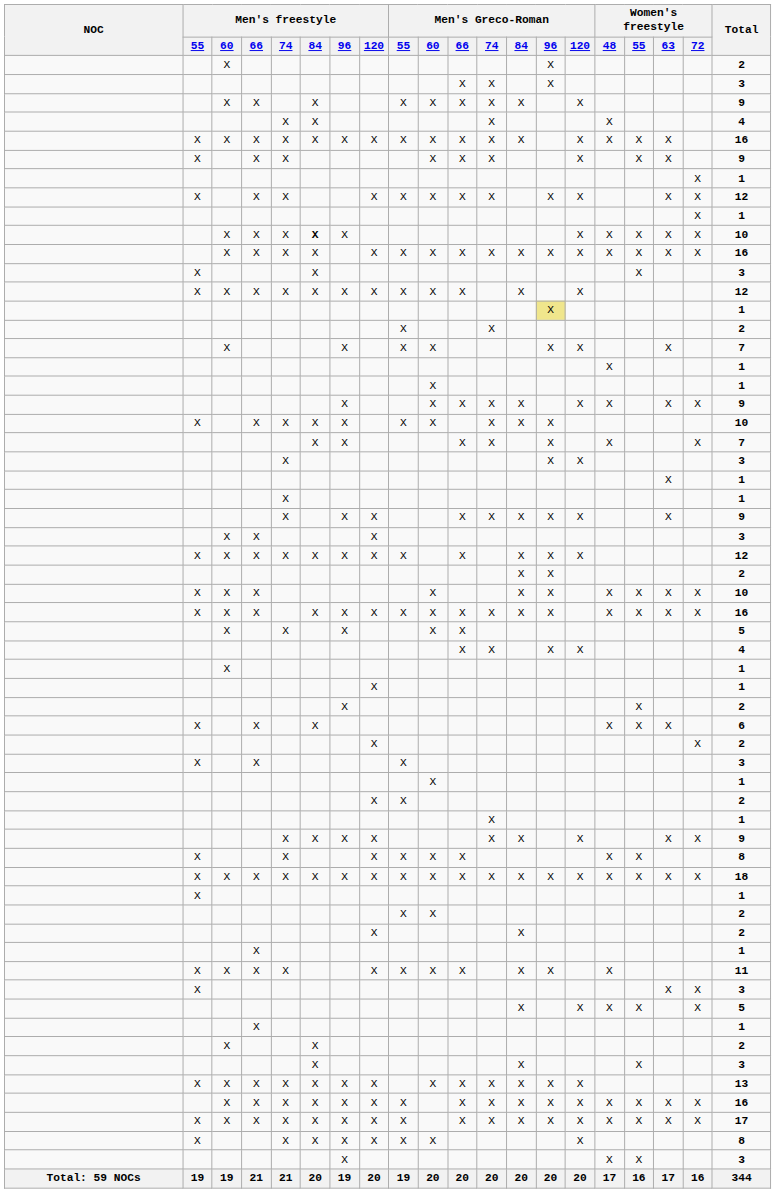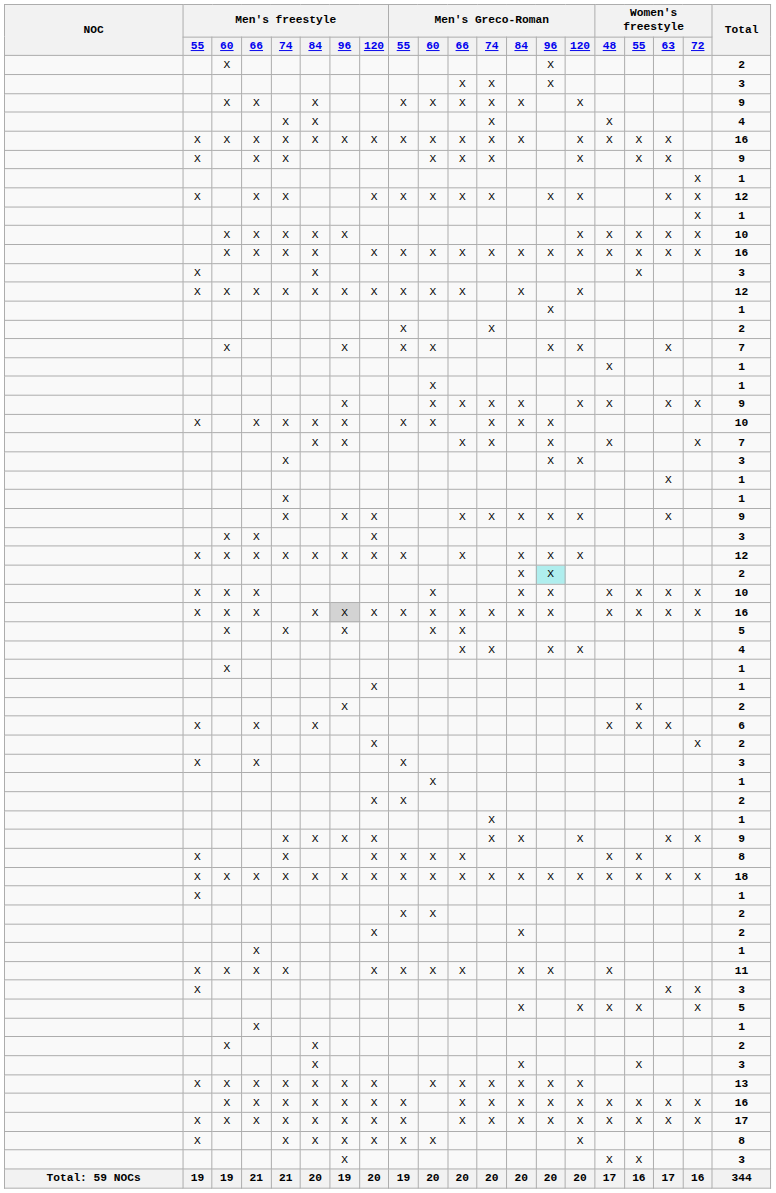 <table class="wikitable" style="text-align:center; font-size:90%">
 <tr>
 <th rowspan="2" width=180 align="left">NOC</th>
 <th colspan="7">Men's freestyle</th>
 <th colspan="7">Men's Greco-Roman</th>
 <th colspan=4>Women's freestyle</th>
 <th ! width=55 rowspan="2">Total</th>
 </tr>
 <tr>
 <th width=25><a href='#'>55</a></th>
 <th width=25><a href='#'>60</a></th>
 <th width=25><a href='#'>66</a></th>
 <th width=25><a href='#'>74</a></th>
 <th width=25><a href='#'>84</a></th>
 <th width=25><a href='#'>96</a></th>
 <th width=25><a href='#'>120</a></th>
 <th width=25><a href='#'>55</a></th>
 <th width=25><a href='#'>60</a></th>
 <th width=25><a href='#'>66</a></th>
 <th width=25><a href='#'>74</a></th>
 <th width=25><a href='#'>84</a></th>
 <th width=25><a href='#'>96</a></th>
 <th width=25><a href='#'>120</a></th>
 <th width=25><a href='#'>48</a></th>
 <th width=25><a href='#'>55</a></th>
 <th width=25><a href='#'>63</a></th>
 <th width=25><a href='#'>72</a></th>
 </tr>
 <tr>
 <td align=left></td>
 <td></td>
 <td>X</td>
 <td></td>
 <td></td>
 <td></td>
 <td></td>
 <td></td>
 <td></td>
 <td></td>
 <td></td>
 <td></td>
 <td></td>
 <td>X</td>
 <td></td>
 <td></td>
 <td></td>
 <td></td>
 <td></td>
 <td><strong>2</strong></td>
 </tr>
 <tr>
 <td align=left></td>
 <td></td>
 <td></td>
 <td></td>
 <td></td>
 <td></td>
 <td></td>
 <td></td>
 <td></td>
 <td></td>
 <td>X</td>
 <td>X</td>
 <td></td>
 <td>X</td>
 <td></td>
 <td></td>
 <td></td>
 <td></td>
 <td></td>
 <td><strong>3</strong></td>
 </tr>
 <tr>
 <td align=left></td>
 <td></td>
 <td>X</td>
 <td>X</td>
 <td></td>
 <td>X</td>
 <td></td>
 <td></td>
 <td>X</td>
 <td>X</td>
 <td>X</td>
 <td>X</td>
 <td>X</td>
 <td></td>
 <td>X</td>
 <td></td>
 <td></td>
 <td></td>
 <td></td>
 <td><strong>9</strong></td>
 </tr>
 <tr>
 <td align=left></td>
 <td></td>
 <td></td>
 <td></td>
 <td>X</td>
 <td>X</td>
 <td></td>
 <td></td>
 <td></td>
 <td></td>
 <td></td>
 <td>X</td>
 <td></td>
 <td></td>
 <td></td>
 <td>X</td>
 <td></td>
 <td></td>
 <td></td>
 <td><strong>4</strong></td>
 </tr>
 <tr>
 <td align=left></td>
 <td>X</td>
 <td>X</td>
 <td>X</td>
 <td>X</td>
 <td>X</td>
 <td>X</td>
 <td>X</td>
 <td>X</td>
 <td>X</td>
 <td>X</td>
 <td>X</td>
 <td>X</td>
 <td></td>
 <td>X</td>
 <td>X</td>
 <td>X</td>
 <td>X</td>
 <td></td>
 <td><strong>16</strong></td>
 </tr>
 <tr>
 <td align=left></td>
 <td>X</td>
 <td></td>
 <td>X</td>
 <td>X</td>
 <td></td>
 <td></td>
 <td></td>
 <td></td>
 <td>X</td>
 <td>X</td>
 <td>X</td>
 <td></td>
 <td></td>
 <td>X</td>
 <td></td>
 <td>X</td>
 <td>X</td>
 <td></td>
 <td><strong>9</strong></td>
 </tr>
 <tr>
 <td align=left></td>
 <td></td>
 <td></td>
 <td></td>
 <td></td>
 <td></td>
 <td></td>
 <td></td>
 <td></td>
 <td></td>
 <td></td>
 <td></td>
 <td></td>
 <td></td>
 <td></td>
 <td></td>
 <td></td>
 <td></td>
 <td>X</td>
 <td><strong>1</strong></td>
 </tr>
 <tr>
 <td align=left></td>
 <td>X</td>
 <td></td>
 <td>X</td>
 <td>X</td>
 <td></td>
 <td></td>
 <td>X</td>
 <td>X</td>
 <td>X</td>
 <td>X</td>
 <td>X</td>
 <td></td>
 <td>X</td>
 <td>X</td>
 <td></td>
 <td></td>
 <td>X</td>
 <td>X</td>
 <td><strong>12</strong></td>
 </tr>
 <tr>
 <td align=left></td>
 <td></td>
 <td></td>
 <td></td>
 <td></td>
 <td></td>
 <td></td>
 <td></td>
 <td></td>
 <td></td>
 <td></td>
 <td></td>
 <td></td>
 <td></td>
 <td></td>
 <td></td>
 <td></td>
 <td></td>
 <td>X</td>
 <td><strong>1</strong></td>
 </tr>
 <tr>
 <td align=left></td>
 <td></td>
 <td>X</td>
 <td>X</td>
 <td>X</td>
-<td><strong>X</strong></td>
+<td>X</td>
 <td>X</td>
 <td></td>
 <td></td>
 <td></td>
 <td></td>
 <td></td>
 <td></td>
 <td></td>
 <td>X</td>
 <td>X</td>
 <td>X</td>
 <td>X</td>
 <td>X</td>
 <td><strong>10</strong></td>
 </tr>
 <tr>
 <td align=left></td>
 <td></td>
 <td>X</td>
 <td>X</td>
 <td>X</td>
 <td>X</td>
 <td></td>
 <td>X</td>
 <td>X</td>
 <td>X</td>
 <td>X</td>
 <td>X</td>
 <td>X</td>
 <td>X</td>
 <td>X</td>
 <td>X</td>
 <td>X</td>
 <td>X</td>
 <td>X</td>
 <td><strong>16</strong></td>
 </tr>
 <tr>
 <td align=left></td>
 <td>X</td>
 <td></td>
 <td></td>
 <td></td>
 <td>X</td>
 <td></td>
 <td></td>
 <td></td>
 <td></td>
 <td></td>
 <td></td>
 <td></td>
 <td></td>
 <td></td>
 <td></td>
 <td>X</td>
 <td></td>
 <td></td>
 <td><strong>3</strong></td>
 </tr>
 <tr>
 <td align=left></td>
 <td>X</td>
 <td>X</td>
 <td>X</td>
 <td>X</td>
 <td>X</td>
 <td>X</td>
 <td>X</td>
 <td>X</td>
 <td>X</td>
 <td>X</td>
 <td></td>
 <td>X</td>
 <td></td>
 <td>X</td>
 <td></td>
 <td></td>
 <td></td>
 <td></td>
 <td><strong>12</strong></td>
 </tr>
 <tr>
 <td align=left></td>
 <td></td>
 <td></td>
 <td></td>
 <td></td>
 <td></td>
 <td></td>
 <td></td>
 <td></td>
 <td></td>
 <td></td>
 <td></td>
 <td></td>
-<td style="background: khaki;">X</td>
+<td>X</td>
 <td></td>
 <td></td>
 <td></td>
 <td></td>
 <td></td>
 <td><strong>1</strong></td>
 </tr>
 <tr>
 <td align=left></td>
 <td></td>
 <td></td>
 <td></td>
 <td></td>
 <td></td>
 <td></td>
 <td></td>
 <td>X</td>
 <td></td>
 <td></td>
 <td>X</td>
 <td></td>
 <td></td>
 <td></td>
 <td></td>
 <td></td>
 <td></td>
 <td></td>
 <td><strong>2</strong></td>
 </tr>
 <tr>
 <td align=left></td>
 <td></td>
 <td>X</td>
 <td></td>
 <td></td>
 <td></td>
 <td>X</td>
 <td></td>
 <td>X</td>
 <td>X</td>
 <td></td>
 <td></td>
 <td></td>
 <td>X</td>
 <td>X</td>
 <td></td>
 <td></td>
 <td>X</td>
 <td></td>
 <td><strong>7</strong></td>
 </tr>
 <tr>
 <td align=left></td>
 <td></td>
 <td></td>
 <td></td>
 <td></td>
 <td></td>
 <td></td>
 <td></td>
 <td></td>
 <td></td>
 <td></td>
 <td></td>
 <td></td>
 <td></td>
 <td></td>
 <td>X</td>
 <td></td>
 <td></td>
 <td></td>
 <td><strong>1</strong></td>
 </tr>
 <tr>
 <td align=left></td>
 <td></td>
 <td></td>
 <td></td>
 <td></td>
 <td></td>
 <td></td>
 <td></td>
 <td></td>
 <td>X</td>
 <td></td>
 <td></td>
 <td></td>
 <td></td>
 <td></td>
 <td></td>
 <td></td>
 <td></td>
 <td></td>
 <td><strong>1</strong></td>
 </tr>
 <tr>
 <td align=left></td>
 <td></td>
 <td></td>
 <td></td>
 <td></td>
 <td></td>
 <td>X</td>
 <td></td>
 <td></td>
 <td>X</td>
 <td>X</td>
 <td>X</td>
 <td>X</td>
 <td></td>
 <td>X</td>
 <td>X</td>
 <td></td>
 <td>X</td>
 <td>X</td>
 <td><strong>9</strong></td>
 </tr>
 <tr>
 <td align=left></td>
 <td>X</td>
 <td></td>
 <td>X</td>
 <td>X</td>
 <td>X</td>
 <td>X</td>
 <td></td>
 <td>X</td>
 <td>X</td>
 <td></td>
 <td>X</td>
 <td>X</td>
 <td>X</td>
 <td></td>
 <td></td>
 <td></td>
 <td></td>
 <td></td>
 <td><strong>10</strong></td>
 </tr>
 <tr>
 <td align=left></td>
 <td></td>
 <td></td>
 <td></td>
 <td></td>
 <td>X</td>
 <td>X</td>
 <td></td>
 <td></td>
 <td></td>
 <td>X</td>
 <td>X</td>
 <td></td>
 <td>X</td>
 <td></td>
 <td>X</td>
 <td></td>
 <td></td>
 <td>X</td>
 <td><strong>7</strong></td>
 </tr>
 <tr>
 <td align=left></td>
 <td></td>
 <td></td>
 <td></td>
 <td>X</td>
 <td></td>
 <td></td>
 <td></td>
 <td></td>
 <td></td>
 <td></td>
 <td></td>
 <td></td>
 <td>X</td>
 <td>X</td>
 <td></td>
 <td></td>
 <td></td>
 <td></td>
 <td><strong>3</strong></td>
 </tr>
 <tr>
 <td align=left></td>
 <td></td>
 <td></td>
 <td></td>
 <td></td>
 <td></td>
 <td></td>
 <td></td>
 <td></td>
 <td></td>
 <td></td>
 <td></td>
 <td></td>
 <td></td>
 <td></td>
 <td></td>
 <td></td>
 <td>X</td>
 <td></td>
 <td><strong>1</strong></td>
 </tr>
 <tr>
 <td align=left></td>
 <td></td>
 <td></td>
 <td></td>
 <td>X</td>
 <td></td>
 <td></td>
 <td></td>
 <td></td>
 <td></td>
 <td></td>
 <td></td>
 <td></td>
 <td></td>
 <td></td>
 <td></td>
 <td></td>
 <td></td>
 <td></td>
 <td><strong>1</strong></td>
 </tr>
 <tr>
 <td align=left></td>
 <td></td>
 <td></td>
 <td></td>
 <td>X</td>
 <td></td>
 <td>X</td>
 <td>X</td>
 <td></td>
 <td></td>
 <td>X</td>
 <td>X</td>
 <td>X</td>
 <td>X</td>
 <td>X</td>
 <td></td>
 <td></td>
 <td>X</td>
 <td></td>
 <td><strong>9</strong></td>
 </tr>
 <tr>
 <td align=left></td>
 <td></td>
 <td>X</td>
 <td>X</td>
 <td></td>
 <td></td>
 <td></td>
 <td>X</td>
 <td></td>
 <td></td>
 <td></td>
 <td></td>
 <td></td>
 <td></td>
 <td></td>
 <td></td>
 <td></td>
 <td></td>
 <td></td>
 <td><strong>3</strong></td>
 </tr>
 <tr>
 <td align=left></td>
 <td>X</td>
 <td>X</td>
 <td>X</td>
 <td>X</td>
 <td>X</td>
 <td>X</td>
 <td>X</td>
 <td>X</td>
 <td></td>
 <td>X</td>
 <td></td>
 <td>X</td>
 <td>X</td>
 <td>X</td>
 <td></td>
 <td></td>
 <td></td>
 <td></td>
 <td><strong>12</strong></td>
 </tr>
 <tr>
 <td align=left></td>
 <td></td>
 <td></td>
 <td></td>
 <td></td>
 <td></td>
 <td></td>
 <td></td>
 <td></td>
 <td></td>
 <td></td>
 <td></td>
 <td>X</td>
-<td>X</td>
+<td style="background: paleturquoise;">X</td>
 <td></td>
 <td></td>
 <td></td>
 <td></td>
 <td></td>
 <td><strong>2</strong></td>
 </tr>
 <tr>
 <td align=left></td>
 <td>X</td>
 <td>X</td>
 <td>X</td>
 <td></td>
 <td></td>
 <td></td>
 <td></td>
 <td></td>
 <td>X</td>
 <td></td>
 <td></td>
 <td>X</td>
 <td>X</td>
 <td></td>
 <td>X</td>
 <td>X</td>
 <td>X</td>
 <td>X</td>
 <td><strong>10</strong></td>
 </tr>
 <tr>
 <td align=left></td>
 <td>X</td>
 <td>X</td>
 <td>X</td>
 <td></td>
 <td>X</td>
-<td>X</td>
+<td style="background: lightgrey;">X</td>
 <td>X</td>
 <td>X</td>
 <td>X</td>
 <td>X</td>
 <td>X</td>
 <td>X</td>
 <td>X</td>
 <td></td>
 <td>X</td>
 <td>X</td>
 <td>X</td>
 <td>X</td>
 <td><strong>16</strong></td>
 </tr>
 <tr>
 <td align=left></td>
 <td></td>
 <td>X</td>
 <td></td>
 <td>X</td>
 <td></td>
 <td>X</td>
 <td></td>
 <td></td>
 <td>X</td>
 <td>X</td>
 <td></td>
 <td></td>
 <td></td>
 <td></td>
 <td></td>
 <td></td>
 <td></td>
 <td></td>
 <td><strong>5</strong></td>
 </tr>
 <tr>
 <td align=left></td>
 <td></td>
 <td></td>
 <td></td>
 <td></td>
 <td></td>
 <td></td>
 <td></td>
 <td></td>
 <td></td>
 <td>X</td>
 <td>X</td>
 <td></td>
 <td>X</td>
 <td>X</td>
 <td></td>
 <td></td>
 <td></td>
 <td></td>
 <td><strong>4</strong></td>
 </tr>
 <tr>
 <td align=left></td>
 <td></td>
 <td>X</td>
 <td></td>
 <td></td>
 <td></td>
 <td></td>
 <td></td>
 <td></td>
 <td></td>
 <td></td>
 <td></td>
 <td></td>
 <td></td>
 <td></td>
 <td></td>
 <td></td>
 <td></td>
 <td></td>
 <td><strong>1</strong></td>
 </tr>
 <tr>
 <td align=left></td>
 <td></td>
 <td></td>
 <td></td>
 <td></td>
 <td></td>
 <td></td>
 <td>X</td>
 <td></td>
 <td></td>
 <td></td>
 <td></td>
 <td></td>
 <td></td>
 <td></td>
 <td></td>
 <td></td>
 <td></td>
 <td></td>
 <td><strong>1</strong></td>
 </tr>
 <tr>
 <td align=left></td>
 <td></td>
 <td></td>
 <td></td>
 <td></td>
 <td></td>
 <td>X</td>
 <td></td>
 <td></td>
 <td></td>
 <td></td>
 <td></td>
 <td></td>
 <td></td>
 <td></td>
 <td></td>
 <td>X</td>
 <td></td>
 <td></td>
 <td><strong>2</strong></td>
 </tr>
 <tr>
 <td align=left></td>
 <td>X</td>
 <td></td>
 <td>X</td>
 <td></td>
 <td>X</td>
 <td></td>
 <td></td>
 <td></td>
 <td></td>
 <td></td>
 <td></td>
 <td></td>
 <td></td>
 <td></td>
 <td>X</td>
 <td>X</td>
 <td>X</td>
 <td></td>
 <td><strong>6</strong></td>
 </tr>
 <tr>
 <td align=left></td>
 <td></td>
 <td></td>
 <td></td>
 <td></td>
 <td></td>
 <td></td>
 <td>X</td>
 <td></td>
 <td></td>
 <td></td>
 <td></td>
 <td></td>
 <td></td>
 <td></td>
 <td></td>
 <td></td>
 <td></td>
 <td>X</td>
 <td><strong>2</strong></td>
 </tr>
 <tr>
 <td align=left></td>
 <td>X</td>
 <td></td>
 <td>X</td>
 <td></td>
 <td></td>
 <td></td>
 <td></td>
 <td>X</td>
 <td></td>
 <td></td>
 <td></td>
 <td></td>
 <td></td>
 <td></td>
 <td></td>
 <td></td>
 <td></td>
 <td></td>
 <td><strong>3</strong></td>
 </tr>
 <tr>
 <td align=left></td>
 <td></td>
 <td></td>
 <td></td>
 <td></td>
 <td></td>
 <td></td>
 <td></td>
 <td></td>
 <td>X</td>
 <td></td>
 <td></td>
 <td></td>
 <td></td>
 <td></td>
 <td></td>
 <td></td>
 <td></td>
 <td></td>
 <td><strong>1</strong></td>
 </tr>
 <tr>
 <td align=left></td>
 <td></td>
 <td></td>
 <td></td>
 <td></td>
 <td></td>
 <td></td>
 <td>X</td>
 <td>X</td>
 <td></td>
 <td></td>
 <td></td>
 <td></td>
 <td></td>
 <td></td>
 <td></td>
 <td></td>
 <td></td>
 <td></td>
 <td><strong>2</strong></td>
 </tr>
 <tr>
 <td align=left></td>
 <td></td>
 <td></td>
 <td></td>
 <td></td>
 <td></td>
 <td></td>
 <td></td>
 <td></td>
 <td></td>
 <td></td>
 <td>X</td>
 <td></td>
 <td></td>
 <td></td>
 <td></td>
 <td></td>
 <td></td>
 <td></td>
 <td><strong>1</strong></td>
 </tr>
 <tr>
 <td align=left></td>
 <td></td>
 <td></td>
 <td></td>
 <td>X</td>
 <td>X</td>
 <td>X</td>
 <td>X</td>
 <td></td>
 <td></td>
 <td></td>
 <td>X</td>
 <td>X</td>
 <td></td>
 <td>X</td>
 <td></td>
 <td></td>
 <td>X</td>
 <td>X</td>
 <td><strong>9</strong></td>
 </tr>
 <tr>
 <td align=left></td>
 <td>X</td>
 <td></td>
 <td></td>
 <td>X</td>
 <td></td>
 <td></td>
 <td>X</td>
 <td>X</td>
 <td>X</td>
 <td>X</td>
 <td></td>
 <td></td>
 <td></td>
 <td></td>
 <td>X</td>
 <td>X</td>
 <td></td>
 <td></td>
 <td><strong>8</strong></td>
 </tr>
 <tr>
 <td align=left></td>
 <td>X</td>
 <td>X</td>
 <td>X</td>
 <td>X</td>
 <td>X</td>
 <td>X</td>
 <td>X</td>
 <td>X</td>
 <td>X</td>
 <td>X</td>
 <td>X</td>
 <td>X</td>
 <td>X</td>
 <td>X</td>
 <td>X</td>
 <td>X</td>
 <td>X</td>
 <td>X</td>
 <td><strong>18</strong></td>
 </tr>
 <tr>
 <td align=left></td>
 <td>X</td>
 <td></td>
 <td></td>
 <td></td>
 <td></td>
 <td></td>
 <td></td>
 <td></td>
 <td></td>
 <td></td>
 <td></td>
 <td></td>
 <td></td>
 <td></td>
 <td></td>
 <td></td>
 <td></td>
 <td></td>
 <td><strong>1</strong></td>
 </tr>
 <tr>
 <td align=left></td>
 <td></td>
 <td></td>
 <td></td>
 <td></td>
 <td></td>
 <td></td>
 <td></td>
 <td>X</td>
 <td>X</td>
 <td></td>
 <td></td>
 <td></td>
 <td></td>
 <td></td>
 <td></td>
 <td></td>
 <td></td>
 <td></td>
 <td><strong>2</strong></td>
 </tr>
 <tr>
 <td align=left></td>
 <td></td>
 <td></td>
 <td></td>
 <td></td>
 <td></td>
 <td></td>
 <td>X</td>
 <td></td>
 <td></td>
 <td></td>
 <td></td>
 <td>X</td>
 <td></td>
 <td></td>
 <td></td>
 <td></td>
 <td></td>
 <td></td>
 <td><strong>2</strong></td>
 </tr>
 <tr>
 <td align=left></td>
 <td></td>
 <td></td>
 <td>X</td>
 <td></td>
 <td></td>
 <td></td>
 <td></td>
 <td></td>
 <td></td>
 <td></td>
 <td></td>
 <td></td>
 <td></td>
 <td></td>
 <td></td>
 <td></td>
 <td></td>
 <td></td>
 <td><strong>1</strong></td>
 </tr>
 <tr>
 <td align=left></td>
 <td>X</td>
 <td>X</td>
 <td>X</td>
 <td>X</td>
 <td></td>
 <td></td>
 <td>X</td>
 <td>X</td>
 <td>X</td>
 <td>X</td>
 <td></td>
 <td>X</td>
 <td>X</td>
 <td></td>
 <td>X</td>
 <td></td>
 <td></td>
 <td></td>
 <td><strong>11</strong></td>
 </tr>
 <tr>
 <td align=left></td>
 <td>X</td>
 <td></td>
 <td></td>
 <td></td>
 <td></td>
 <td></td>
 <td></td>
 <td></td>
 <td></td>
 <td></td>
 <td></td>
 <td></td>
 <td></td>
 <td></td>
 <td></td>
 <td></td>
 <td>X</td>
 <td>X</td>
 <td><strong>3</strong></td>
 </tr>
 <tr>
 <td align=left></td>
 <td></td>
 <td></td>
 <td></td>
 <td></td>
 <td></td>
 <td></td>
 <td></td>
 <td></td>
 <td></td>
 <td></td>
 <td></td>
 <td>X</td>
 <td></td>
 <td>X</td>
 <td>X</td>
 <td>X</td>
 <td></td>
 <td>X</td>
 <td><strong>5</strong></td>
 </tr>
 <tr>
 <td align=left></td>
 <td></td>
 <td></td>
 <td>X</td>
 <td></td>
 <td></td>
 <td></td>
 <td></td>
 <td></td>
 <td></td>
 <td></td>
 <td></td>
 <td></td>
 <td></td>
 <td></td>
 <td></td>
 <td></td>
 <td></td>
 <td></td>
 <td><strong>1</strong></td>
 </tr>
 <tr>
 <td align=left></td>
 <td></td>
 <td>X</td>
 <td></td>
 <td></td>
 <td>X</td>
 <td></td>
 <td></td>
 <td></td>
 <td></td>
 <td></td>
 <td></td>
 <td></td>
 <td></td>
 <td></td>
 <td></td>
 <td></td>
 <td></td>
 <td></td>
 <td><strong>2</strong></td>
 </tr>
 <tr>
 <td align=left></td>
 <td></td>
 <td></td>
 <td></td>
 <td></td>
 <td>X</td>
 <td></td>
 <td></td>
 <td></td>
 <td></td>
 <td></td>
 <td></td>
 <td>X</td>
 <td></td>
 <td></td>
 <td></td>
 <td>X</td>
 <td></td>
 <td></td>
 <td><strong>3</strong></td>
 </tr>
 <tr>
 <td align=left></td>
 <td>X</td>
 <td>X</td>
 <td>X</td>
 <td>X</td>
 <td>X</td>
 <td>X</td>
 <td>X</td>
 <td></td>
 <td>X</td>
 <td>X</td>
 <td>X</td>
 <td>X</td>
 <td>X</td>
 <td>X</td>
 <td></td>
 <td></td>
 <td></td>
 <td></td>
 <td><strong>13</strong></td>
 </tr>
 <tr>
 <td align=left></td>
 <td></td>
 <td>X</td>
 <td>X</td>
 <td>X</td>
 <td>X</td>
 <td>X</td>
 <td>X</td>
 <td>X</td>
 <td></td>
 <td>X</td>
 <td>X</td>
 <td>X</td>
 <td>X</td>
 <td>X</td>
 <td>X</td>
 <td>X</td>
 <td>X</td>
 <td>X</td>
 <td><strong>16</strong></td>
 </tr>
 <tr>
 <td align=left></td>
 <td>X</td>
 <td>X</td>
 <td>X</td>
 <td>X</td>
 <td>X</td>
 <td>X</td>
 <td>X</td>
 <td>X</td>
 <td></td>
 <td>X</td>
 <td>X</td>
 <td>X</td>
 <td>X</td>
 <td>X</td>
 <td>X</td>
 <td>X</td>
 <td>X</td>
 <td>X</td>
 <td><strong>17</strong></td>
 </tr>
 <tr>
 <td align=left></td>
 <td>X</td>
 <td></td>
 <td></td>
 <td>X</td>
 <td>X</td>
 <td>X</td>
 <td>X</td>
 <td>X</td>
 <td>X</td>
 <td></td>
 <td></td>
 <td></td>
 <td></td>
 <td>X</td>
 <td></td>
 <td></td>
 <td></td>
 <td></td>
 <td><strong>8</strong></td>
 </tr>
 <tr>
 <td align=left></td>
 <td></td>
 <td></td>
 <td></td>
 <td></td>
 <td></td>
 <td>X</td>
 <td></td>
 <td></td>
 <td></td>
 <td></td>
 <td></td>
 <td></td>
 <td></td>
 <td></td>
 <td>X</td>
 <td>X</td>
 <td></td>
 <td></td>
 <td><strong>3</strong></td>
 </tr>
 <tr>
 <th>Total: 59 NOCs</th>
 <th>19</th>
 <th>19</th>
 <th>21</th>
 <th>21</th>
 <th>20</th>
 <th>19</th>
 <th>20</th>
 <th>19</th>
 <th>20</th>
 <th>20</th>
 <th>20</th>
 <th>20</th>
 <th>20</th>
 <th>20</th>
 <th>17</th>
 <th>16</th>
 <th>17</th>
 <th>16</th>
 <th>344</th>
 </tr>
 </table>
